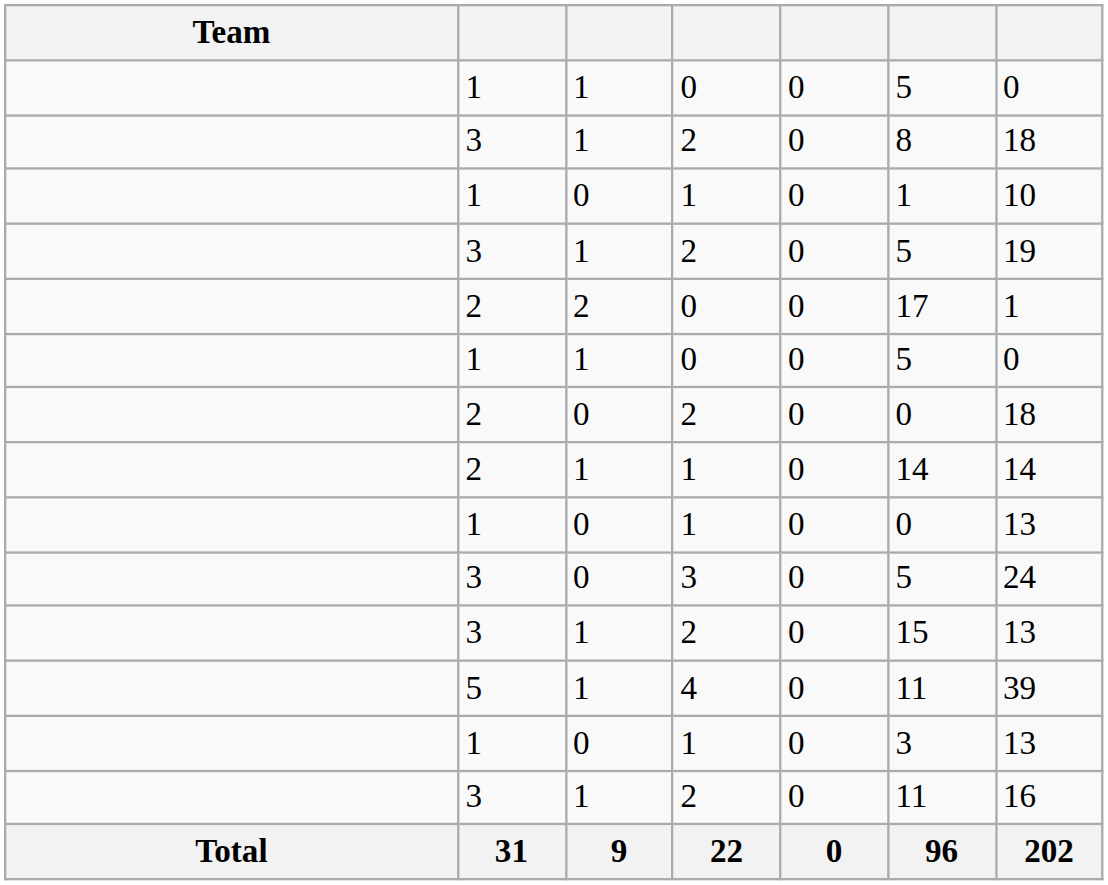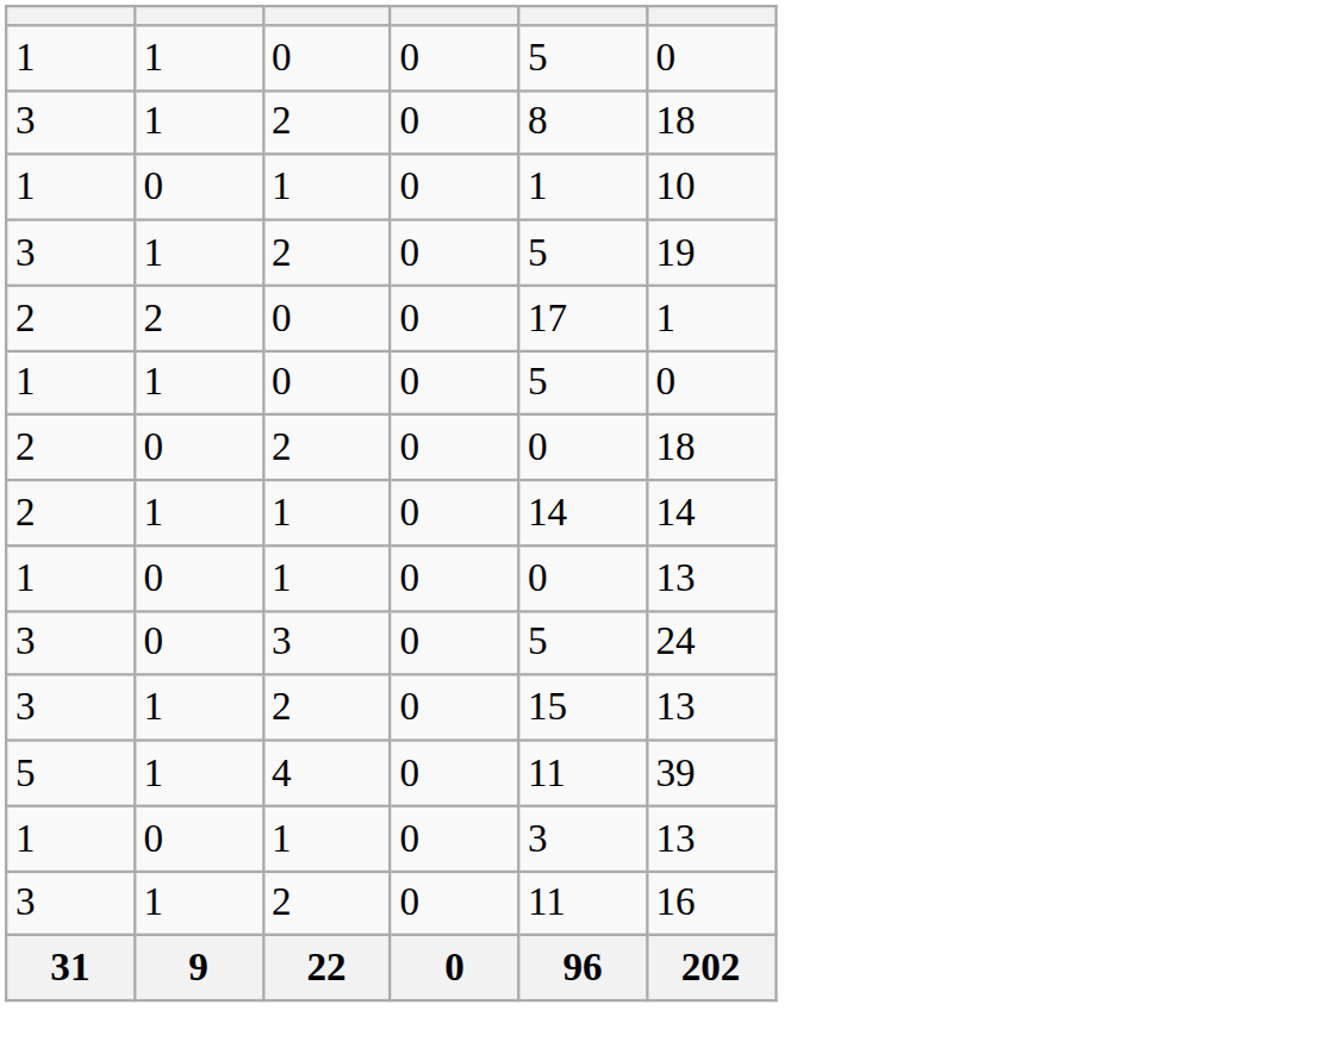 <table class="wikitable sortable" style="font-size:90%">
 <tr>
-<th width=190>Team</th>
 <th width=40></th>
 <th width=40></th>
 <th width=40></th>
 <th width=40></th>
 <th width=40></th>
 <th width=40></th>
 </tr>
 <tr>
-<td style="text-align:left;"></td>
 <td>1</td>
 <td>1</td>
 <td>0</td>
 <td>0</td>
 <td>5</td>
 <td>0</td>
 </tr>
 <tr>
-<td style="text-align:left;"></td>
 <td>3</td>
 <td>1</td>
 <td>2</td>
 <td>0</td>
 <td>8</td>
 <td>18</td>
 </tr>
 <tr>
-<td style="text-align:left;"></td>
 <td>1</td>
 <td>0</td>
 <td>1</td>
 <td>0</td>
 <td>1</td>
 <td>10</td>
 </tr>
 <tr>
-<td style="text-align:left;"></td>
 <td>3</td>
 <td>1</td>
 <td>2</td>
 <td>0</td>
 <td>5</td>
 <td>19</td>
 </tr>
 <tr>
-<td style="text-align:left;"></td>
 <td>2</td>
 <td>2</td>
 <td>0</td>
 <td>0</td>
 <td>17</td>
 <td>1</td>
 </tr>
 <tr>
-<td style="text-align:left;"></td>
 <td>1</td>
 <td>1</td>
 <td>0</td>
 <td>0</td>
 <td>5</td>
 <td>0</td>
 </tr>
 <tr>
-<td style="text-align:left;"></td>
 <td>2</td>
 <td>0</td>
 <td>2</td>
 <td>0</td>
 <td>0</td>
 <td>18</td>
 </tr>
 <tr>
-<td style="text-align:left;"></td>
 <td>2</td>
 <td>1</td>
 <td>1</td>
 <td>0</td>
 <td>14</td>
 <td>14</td>
 </tr>
 <tr>
-<td style="text-align:left;"></td>
 <td>1</td>
 <td>0</td>
 <td>1</td>
 <td>0</td>
 <td>0</td>
 <td>13</td>
 </tr>
 <tr>
-<td style="text-align:left;"></td>
 <td>3</td>
 <td>0</td>
 <td>3</td>
 <td>0</td>
 <td>5</td>
 <td>24</td>
 </tr>
 <tr>
-<td style="text-align:left;"></td>
 <td>3</td>
 <td>1</td>
 <td>2</td>
 <td>0</td>
 <td>15</td>
 <td>13</td>
 </tr>
 <tr>
-<td style="text-align:left;"></td>
 <td>5</td>
 <td>1</td>
 <td>4</td>
 <td>0</td>
 <td>11</td>
 <td>39</td>
 </tr>
 <tr>
-<td style="text-align:left;"></td>
 <td>1</td>
 <td>0</td>
 <td>1</td>
 <td>0</td>
 <td>3</td>
 <td>13</td>
 </tr>
 <tr>
-<td style="text-align:left;"></td>
 <td>3</td>
 <td>1</td>
 <td>2</td>
 <td>0</td>
 <td>11</td>
 <td>16</td>
 </tr>
 <tr>
-<th>Total</th>
 <th>31</th>
 <th>9</th>
 <th>22</th>
 <th>0</th>
 <th>96</th>
 <th>202</th>
 </tr>
 </table>
